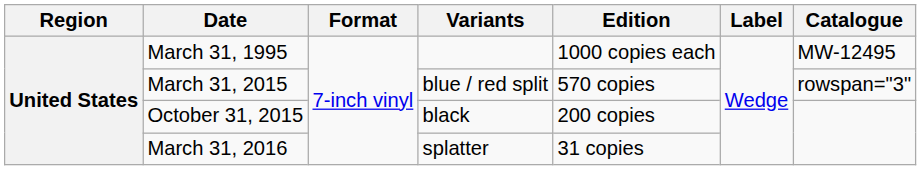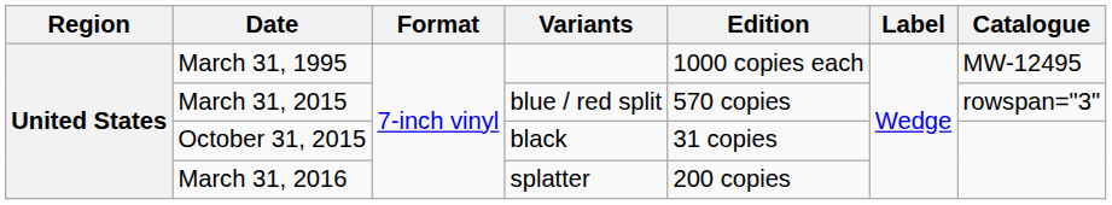 <table class="wikitable plainrowheaders">
 <tr>
 <th scope="col">Region</th>
 <th scope="col">Date</th>
 <th scope="col">Format</th>
 <th scope="col">Variants</th>
 <th scope="col">Edition</th>
 <th scope="col">Label</th>
 <th scope="col">Catalogue</th>
 </tr>
 <tr>
 <th rowspan="4" scope="row">United States</th>
 <td>March 31, 1995</td>
 <td rowspan="4"><a href='#'>7-inch vinyl</a></td>
 <td></td>
 <td>1000 copies each</td>
 <td rowspan="4"><a href='#'>Wedge</a></td>
 <td>MW-12495</td>
 </tr>
 <tr>
 <td>March 31, 2015</td>
 <td>blue / red split</td>
 <td>570 copies</td>
 <td>rowspan="3" </td>
 </tr>
 <tr>
 <td>October 31, 2015</td>
 <td>black</td>
-<td>200 copies</td>
+<td>31 copies</td>
 </tr>
 <tr>
 <td>March 31, 2016</td>
 <td>splatter</td>
-<td>31 copies</td>
+<td>200 copies</td>
 </tr>
 </table>
